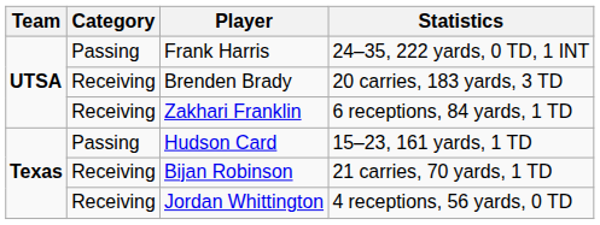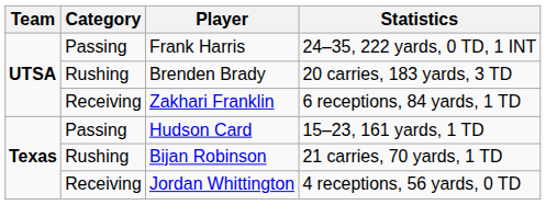 <table class="wikitable" style="float: right;">
 <tr>
 <th>Team</th>
 <th>Category</th>
 <th>Player</th>
 <th>Statistics</th>
 </tr>
 <tr>
 <td rowspan=3><strong>UTSA</strong></td>
 <td>Passing</td>
 <td>Frank Harris</td>
 <td>24–35, 222 yards, 0 TD, 1 INT</td>
 </tr>
 <tr>
-<td>Receiving</td>
+<td>Rushing</td>
 <td>Brenden Brady</td>
 <td>20 carries, 183 yards, 3 TD</td>
 </tr>
 <tr>
 <td>Receiving</td>
 <td><a href='#'>Zakhari Franklin</a></td>
 <td>6 receptions, 84 yards, 1 TD</td>
 </tr>
 <tr>
 <td rowspan=3><strong>Texas</strong></td>
 <td>Passing</td>
 <td><a href='#'>Hudson Card</a></td>
 <td>15–23, 161 yards, 1 TD</td>
 </tr>
 <tr>
-<td>Receiving</td>
+<td>Rushing</td>
 <td><a href='#'>Bijan Robinson</a></td>
 <td>21 carries, 70 yards, 1 TD</td>
 </tr>
 <tr>
 <td>Receiving</td>
 <td><a href='#'>Jordan Whittington</a></td>
 <td>4 receptions, 56 yards, 0 TD</td>
 </tr>
 </table>
